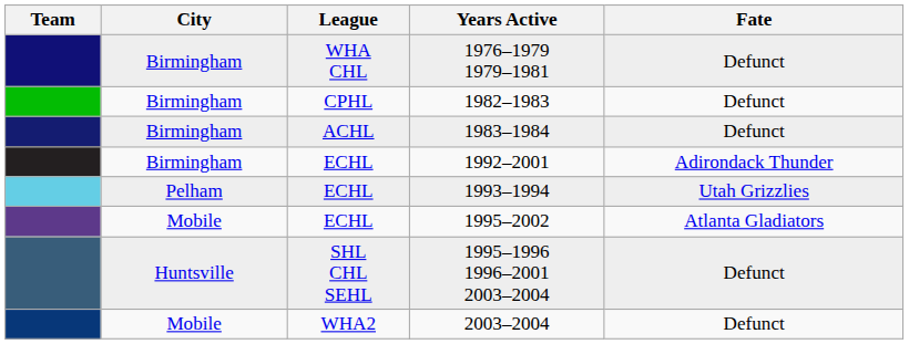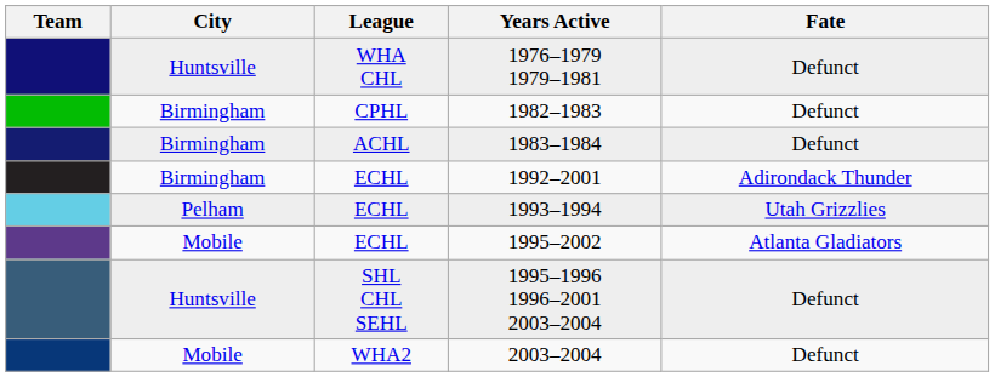 <table class="wikitable sortable" width="60%">
 <tr>
 <th>Team</th>
 <th>City</th>
 <th>League</th>
 <th>Years Active</th>
 <th>Fate</th>
 </tr>
 <tr align=center bgcolor=eeeeee>
 <td style="color:white; background:#101077; "><strong><a href='#'></a></strong></td>
-<td><a href='#'>Birmingham</a></td>
+<td><a href='#'>Huntsville</a></td>
 <td><a href='#'>WHA</a><br><a href='#'>CHL</a></td>
 <td>1976–1979<br>1979–1981</td>
 <td>Defunct</td>
 </tr>
 <tr align=center>
 <td style="color:white; background:#03bc03; "><strong><a href='#'></a></strong></td>
 <td><a href='#'>Birmingham</a></td>
 <td><a href='#'>CPHL</a></td>
 <td>1982–1983</td>
 <td>Defunct</td>
 </tr>
 <tr align=center bgcolor=eeeeee>
 <td style="color:white; background:#141c71; "><strong><a href='#'></a></strong></td>
 <td><a href='#'>Birmingham</a></td>
 <td><a href='#'>ACHL</a></td>
 <td>1983–1984</td>
 <td>Defunct</td>
 </tr>
 <tr align=center>
 <td style="color:white; background:#231f20; "><strong><a href='#'></a></strong></td>
 <td><a href='#'>Birmingham</a></td>
 <td><a href='#'>ECHL</a></td>
 <td>1992–2001</td>
 <td><a href='#'>Adirondack Thunder</a></td>
 </tr>
 <tr align=center bgcolor=eeeeee>
 <td style="color:white; background:#64cee5; "><strong><a href='#'></a></strong></td>
 <td><a href='#'>Pelham</a></td>
 <td><a href='#'>ECHL</a></td>
 <td>1993–1994</td>
 <td><a href='#'>Utah Grizzlies</a></td>
 </tr>
 <tr align=center>
 <td style="color:white; background:#5d398a; "><strong><a href='#'></a></strong></td>
 <td><a href='#'>Mobile</a></td>
 <td><a href='#'>ECHL</a></td>
 <td>1995–2002</td>
 <td><a href='#'>Atlanta Gladiators</a></td>
 </tr>
 <tr align=center bgcolor=eeeeee>
 <td style="color:white; background:#385d7a; "><strong><a href='#'></a></strong></td>
 <td><a href='#'>Huntsville</a></td>
 <td><a href='#'>SHL</a><br><a href='#'>CHL</a><br><a href='#'>SEHL</a></td>
 <td>1995–1996<br>1996–2001<br>2003–2004</td>
 <td>Defunct</td>
 </tr>
 <tr align=center>
 <td style="color:white; background:#073779; "><strong><a href='#'></a></strong></td>
 <td><a href='#'>Mobile</a></td>
 <td><a href='#'>WHA2</a></td>
 <td>2003–2004</td>
 <td>Defunct</td>
 </tr>
 </table>
